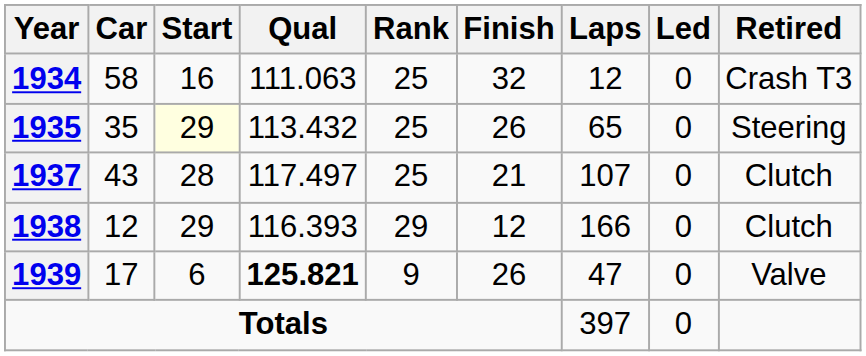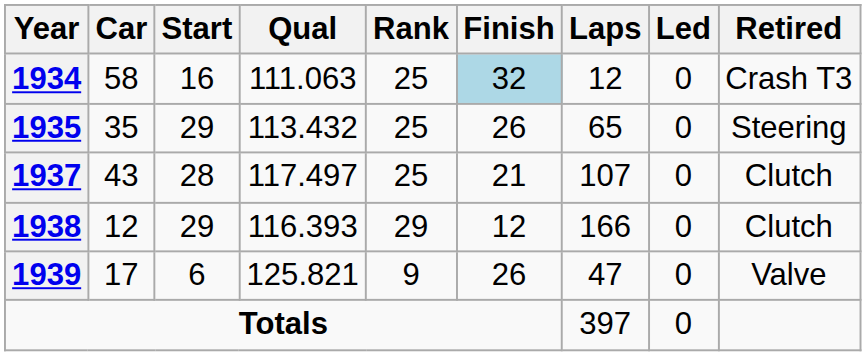 <table class="wikitable" style="text-align:center">
 <tr>
 <th>Year</th>
 <th>Car</th>
 <th>Start</th>
 <th>Qual</th>
 <th>Rank</th>
 <th>Finish</th>
 <th>Laps</th>
 <th>Led</th>
 <th>Retired</th>
 </tr>
 <tr>
 <th><a href='#'>1934</a></th>
 <td>58</td>
 <td>16</td>
 <td>111.063</td>
 <td>25</td>
-<td>32</td>
+<td style="background: lightblue;">32</td>
 <td>12</td>
 <td>0</td>
 <td>Crash T3</td>
 </tr>
 <tr>
 <th><a href='#'>1935</a></th>
 <td>35</td>
-<td style="background: lightyellow;">29</td>
+<td>29</td>
 <td>113.432</td>
 <td>25</td>
 <td>26</td>
 <td>65</td>
 <td>0</td>
 <td>Steering</td>
 </tr>
 <tr>
 <th><a href='#'>1937</a></th>
 <td>43</td>
 <td>28</td>
 <td>117.497</td>
 <td>25</td>
 <td>21</td>
 <td>107</td>
 <td>0</td>
 <td>Clutch</td>
 </tr>
 <tr>
 <th><a href='#'>1938</a></th>
 <td>12</td>
 <td>29</td>
 <td>116.393</td>
 <td>29</td>
 <td>12</td>
 <td>166</td>
 <td>0</td>
 <td>Clutch</td>
 </tr>
 <tr>
 <th><a href='#'>1939</a></th>
 <td>17</td>
 <td>6</td>
-<td><strong>125.821</strong></td>
+<td>125.821</td>
 <td>9</td>
 <td>26</td>
 <td>47</td>
 <td>0</td>
 <td>Valve</td>
 </tr>
 <tr>
 <td colspan=6><strong>Totals</strong></td>
 <td>397</td>
 <td>0</td>
 <td></td>
 </tr>
 </table>
